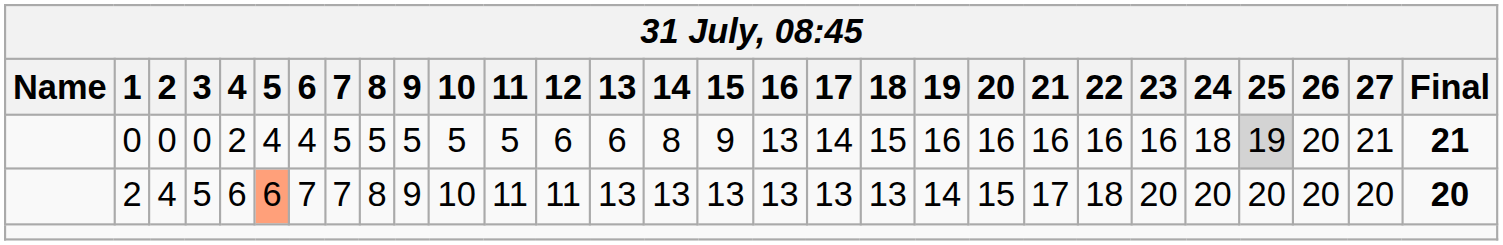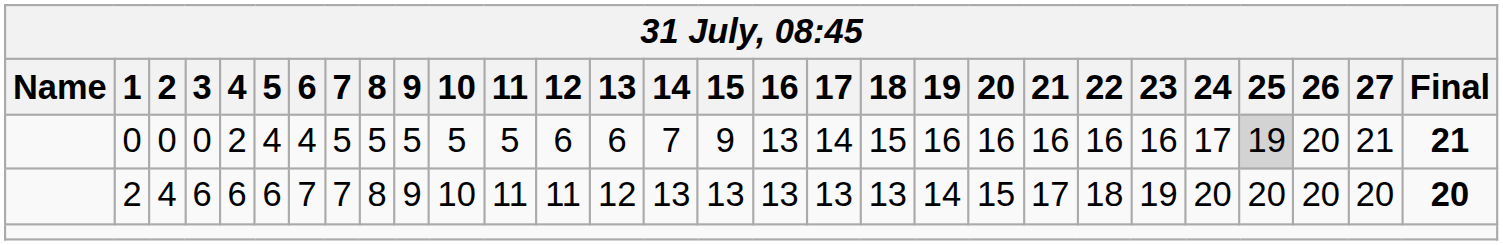 <table class=wikitable style="text-align:center; width: 55%">
 <tr>
 <th colspan=29><em>31 July, 08:45</em></th>
 </tr>
 <tr>
 <th>Name</th>
 <th>1</th>
 <th>2</th>
 <th>3</th>
 <th>4</th>
 <th>5</th>
 <th>6</th>
 <th>7</th>
 <th>8</th>
 <th>9</th>
 <th>10</th>
 <th>11</th>
 <th>12</th>
 <th>13</th>
 <th>14</th>
 <th>15</th>
 <th>16</th>
 <th>17</th>
 <th>18</th>
 <th>19</th>
 <th>20</th>
 <th>21</th>
 <th>22</th>
 <th>23</th>
 <th>24</th>
 <th>25</th>
 <th>26</th>
 <th>27</th>
 <th>Final</th>
 </tr>
 <tr>
 <td align=left><strong></strong></td>
 <td>0</td>
 <td>0</td>
 <td>0</td>
 <td>2</td>
 <td>4</td>
 <td>4</td>
 <td>5</td>
 <td>5</td>
 <td>5</td>
 <td>5</td>
 <td>5</td>
 <td>6</td>
 <td>6</td>
-<td>8</td>
+<td>7</td>
 <td>9</td>
 <td>13</td>
 <td>14</td>
 <td>15</td>
 <td>16</td>
 <td>16</td>
 <td>16</td>
 <td>16</td>
 <td>16</td>
-<td>18</td>
+<td>17</td>
 <td style="background: lightgrey;">19</td>
 <td>20</td>
 <td>21</td>
 <td><strong>21</strong></td>
 </tr>
 <tr>
 <td align=left></td>
 <td>2</td>
 <td>4</td>
-<td>5</td>
 <td>6</td>
-<td style="background: lightsalmon;">6</td>
+<td>6</td>
+<td>6</td>
 <td>7</td>
 <td>7</td>
 <td>8</td>
 <td>9</td>
 <td>10</td>
 <td>11</td>
 <td>11</td>
-<td>13</td>
+<td>12</td>
 <td>13</td>
 <td>13</td>
 <td>13</td>
 <td>13</td>
 <td>13</td>
 <td>14</td>
 <td>15</td>
 <td>17</td>
 <td>18</td>
-<td>20</td>
+<td>19</td>
 <td>20</td>
 <td>20</td>
 <td>20</td>
 <td>20</td>
 <td><strong>20</strong></td>
 </tr>
 <tr>
 <td colspan=29></td>
 </tr>
 </table>
